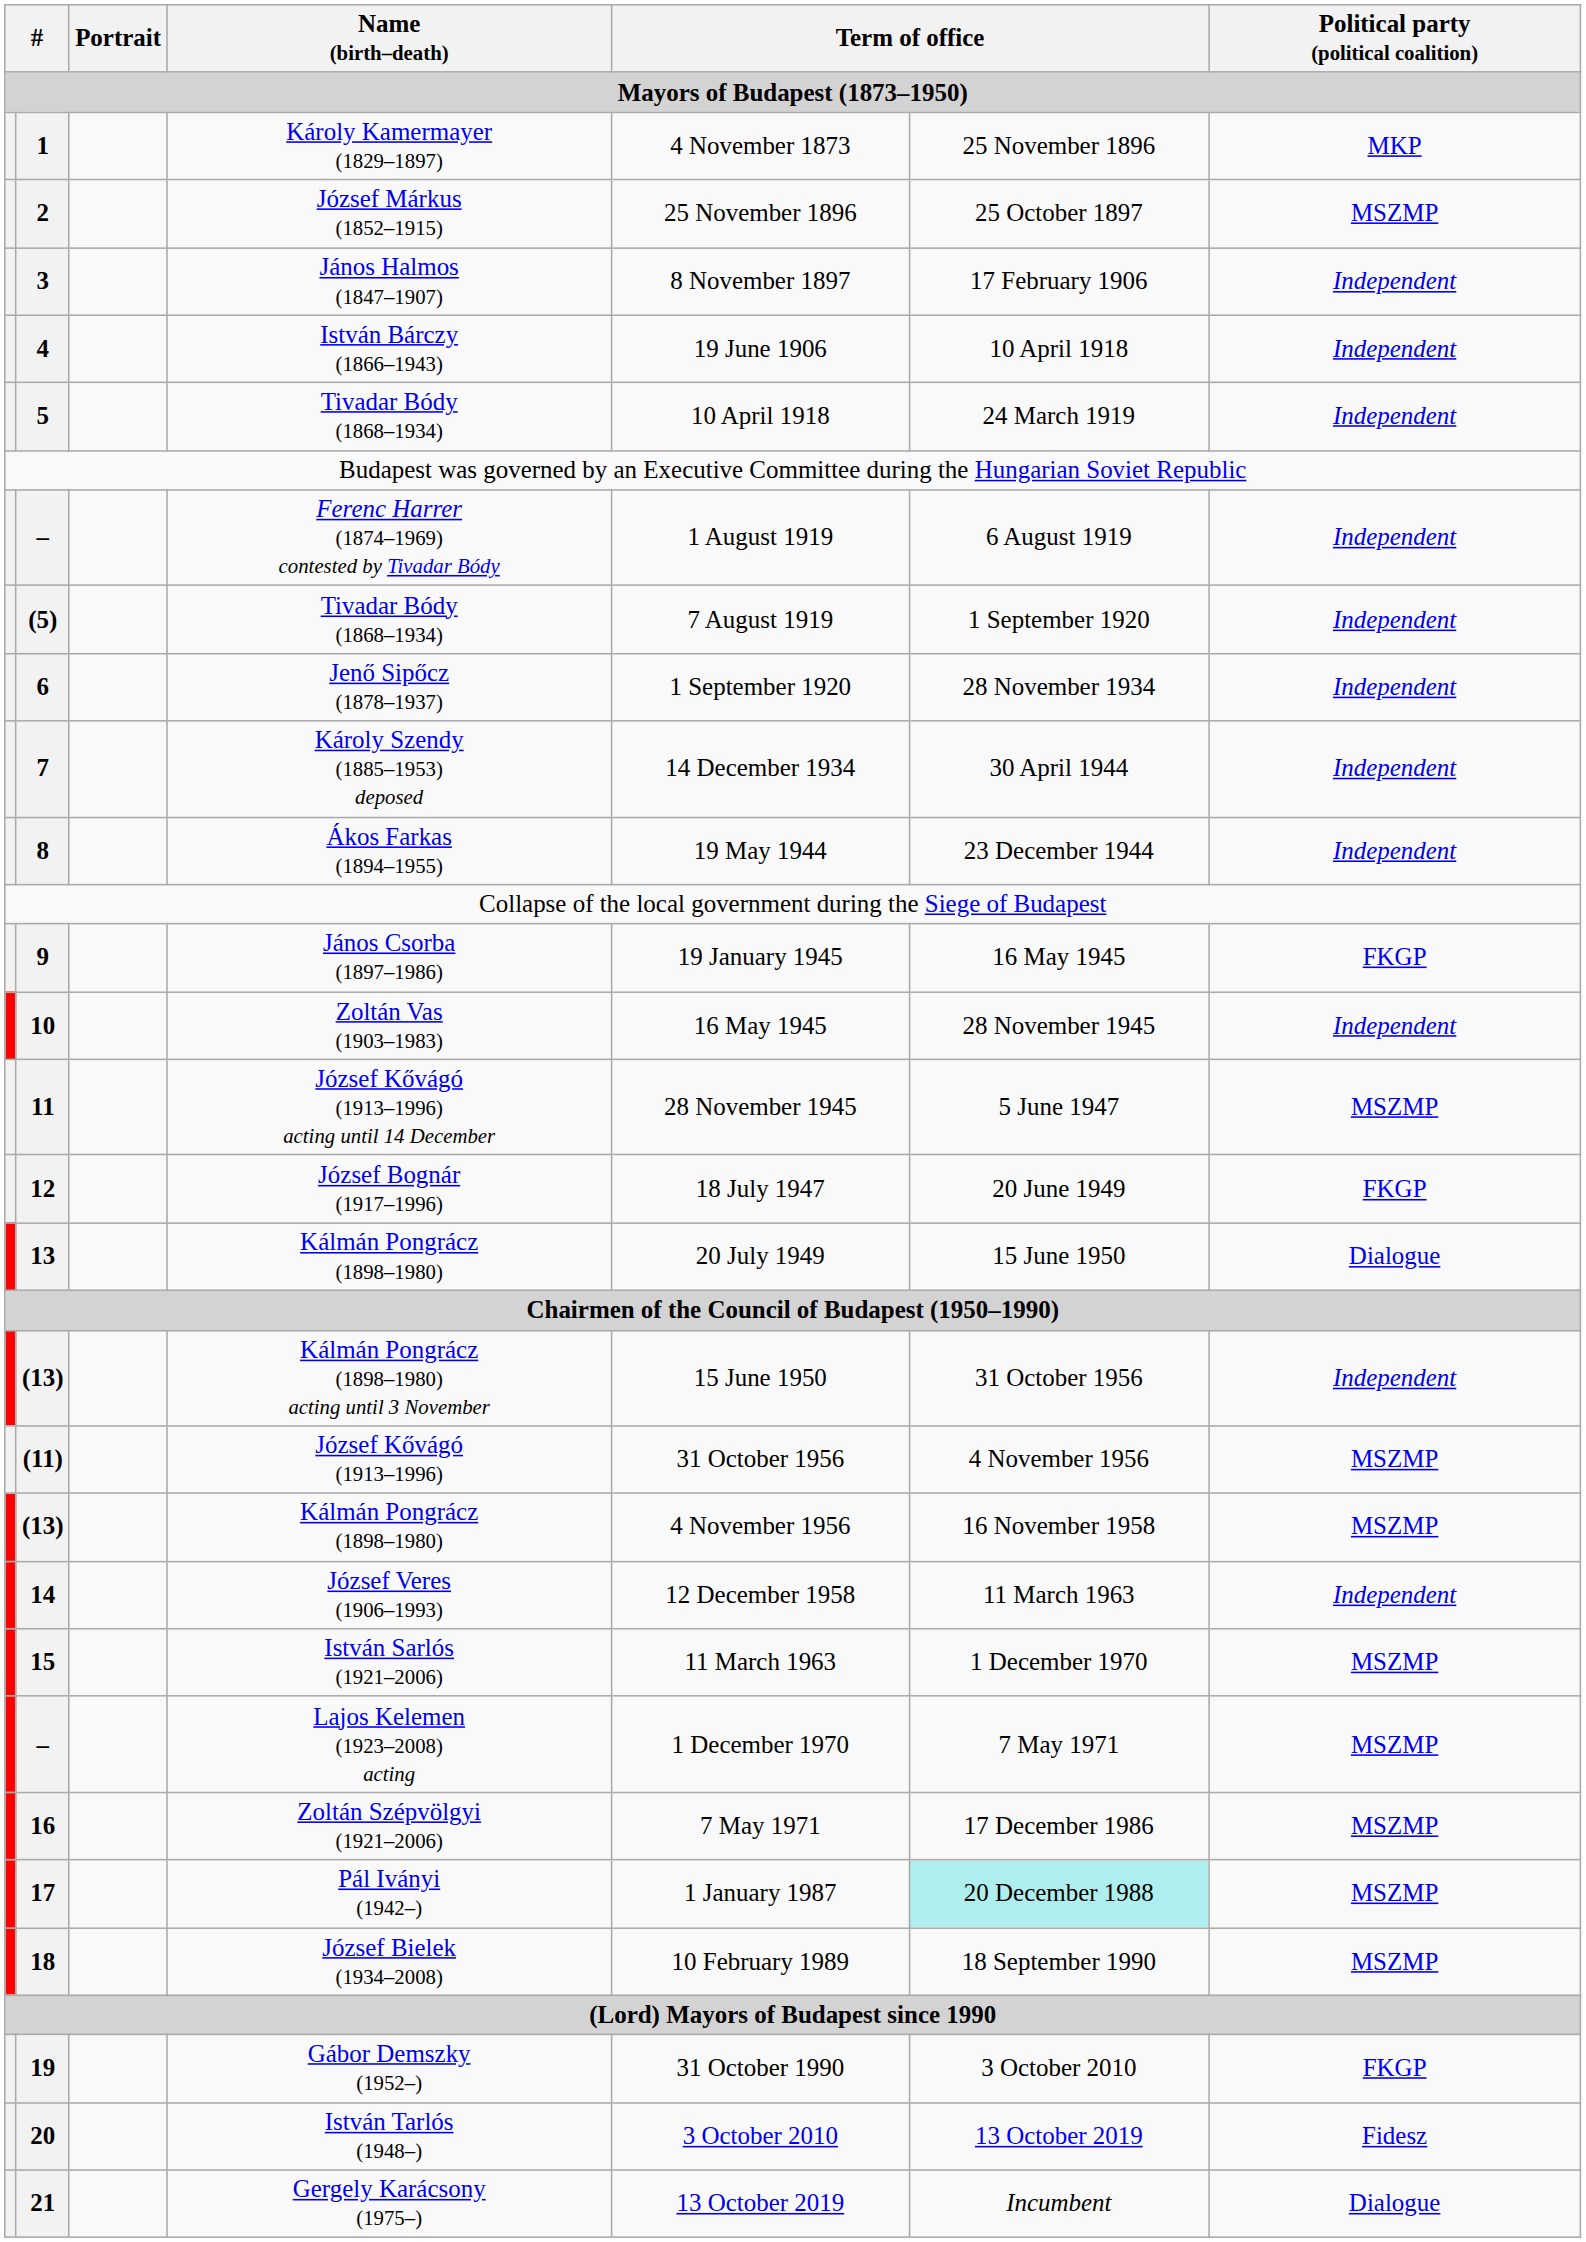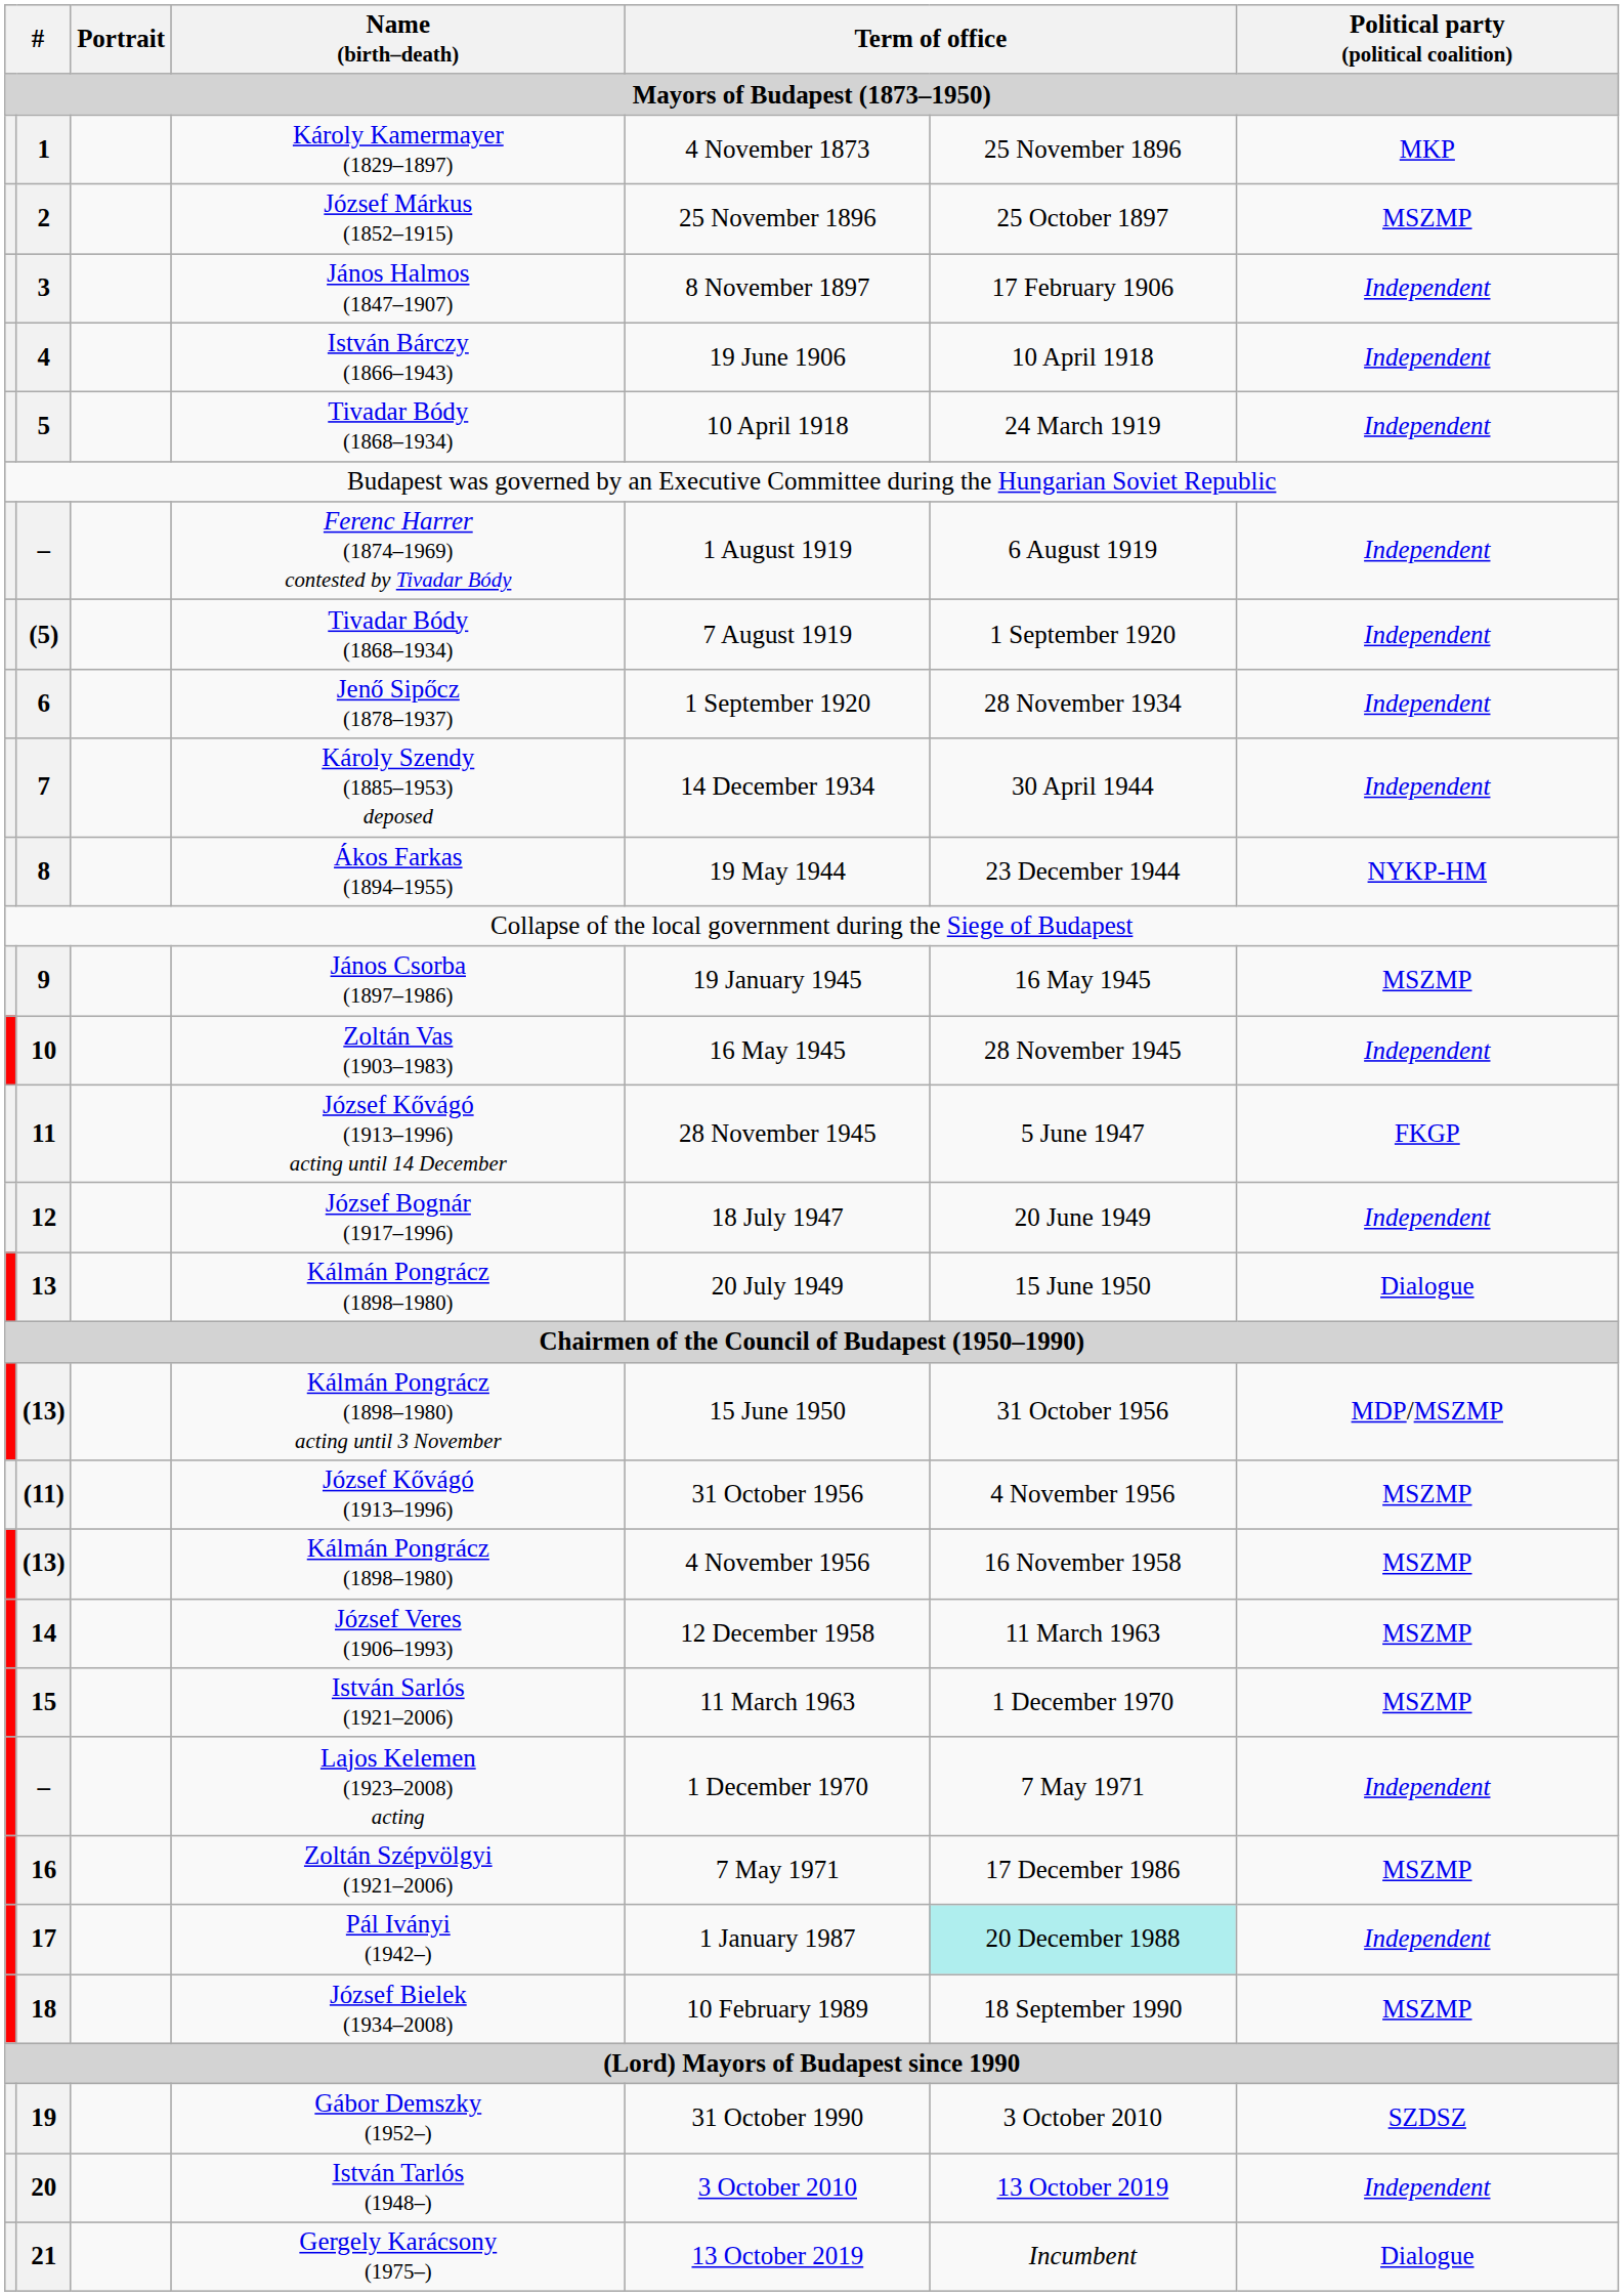 <table class="wikitable" style="width:80%; text-align:center;">
 <tr>
 <th colspan="2" width=20>#</th>
 <th width=70>Portrait</th>
 <th width=30%>Name<br><small>(birth–death)</small></th>
 <th colspan="2" width=40%>Term of office</th>
 <th width=25%>Political party<br><small>(political coalition)</small></th>
 </tr>
 <tr>
 <td colspan="9" bgcolor="lightgrey" align=center><strong>Mayors of Budapest (1873–1950)</strong></td>
 </tr>
 <tr>
 <th style="background:"></th>
 <th>1</th>
 <td></td>
 <td><a href='#'>Károly Kamermayer</a><br><small>(1829–1897)</small></td>
 <td>4 November 1873</td>
 <td>25 November 1896</td>
 <td><a href='#'>MKP</a></td>
 </tr>
 <tr>
 <th style="background:"></th>
 <th>2</th>
 <td></td>
 <td><a href='#'>József Márkus</a><br><small>(1852–1915)</small></td>
 <td>25 November 1896</td>
 <td>25 October 1897</td>
 <td><a href='#'>MSZMP</a></td>
 </tr>
 <tr>
 <th style="background:"></th>
 <th>3</th>
 <td></td>
 <td><a href='#'>János Halmos</a><br><small>(1847–1907)</small></td>
 <td>8 November 1897</td>
 <td>17 February 1906</td>
 <td><em><a href='#'>Independent</a></em></td>
 </tr>
 <tr>
 <th style="background:"></th>
 <th>4</th>
 <td></td>
 <td><a href='#'>István Bárczy</a><br><small>(1866–1943)</small></td>
 <td>19 June 1906</td>
 <td>10 April 1918</td>
 <td><em><a href='#'>Independent</a></em></td>
 </tr>
 <tr>
 <th style="background:"></th>
 <th>5</th>
 <td></td>
 <td><a href='#'>Tivadar Bódy</a><br><small>(1868–1934)</small></td>
 <td>10 April 1918</td>
 <td>24 March 1919</td>
 <td><em><a href='#'>Independent</a></em></td>
 </tr>
 <tr>
 <td colspan="9" align=center>Budapest was governed by an Executive Committee during the <a href='#'>Hungarian Soviet Republic</a></td>
 </tr>
 <tr>
 <th style="background:"></th>
 <th>–</th>
 <td></td>
 <td><em><a href='#'>Ferenc Harrer</a></em><br><small>(1874–1969)</small><br><small><em>contested by <a href='#'>Tivadar Bódy</a></em></small></td>
 <td>1 August 1919</td>
 <td>6 August 1919</td>
 <td><em><a href='#'>Independent</a></em></td>
 </tr>
 <tr>
 <th style="background:"></th>
 <th>(5)</th>
 <td></td>
 <td><a href='#'>Tivadar Bódy</a><br><small>(1868–1934)</small></td>
 <td>7 August 1919</td>
 <td>1 September 1920</td>
 <td><em><a href='#'>Independent</a></em></td>
 </tr>
 <tr>
 <th style="background:"></th>
 <th>6</th>
 <td></td>
 <td><a href='#'>Jenő Sipőcz</a><br><small>(1878–1937)</small></td>
 <td>1 September 1920</td>
 <td>28 November 1934</td>
 <td><em><a href='#'>Independent</a></em></td>
 </tr>
 <tr>
 <th style="background:"></th>
 <th>7</th>
 <td></td>
 <td><a href='#'>Károly Szendy</a><br><small>(1885–1953)</small><br><small><em>deposed</em></small></td>
 <td>14 December 1934</td>
 <td>30 April 1944</td>
 <td><em><a href='#'>Independent</a></em></td>
 </tr>
 <tr>
 <th style="background:"></th>
 <th>8</th>
 <td></td>
 <td><a href='#'>Ákos Farkas</a><br><small>(1894–1955)</small></td>
 <td>19 May 1944</td>
 <td>23 December 1944</td>
-<td><em><a href='#'>Independent</a></em></td>
+<td><a href='#'>NYKP-HM</a></td>
 </tr>
 <tr>
 <td colspan="9" align=center>Collapse of the local government during the <a href='#'>Siege of Budapest</a></td>
 </tr>
 <tr>
 <th style="background:"></th>
 <th>9</th>
 <td></td>
 <td><a href='#'>János Csorba</a><br><small>(1897–1986)</small></td>
 <td>19 January 1945</td>
 <td>16 May 1945</td>
-<td><a href='#'>FKGP</a></td>
+<td><a href='#'>MSZMP</a></td>
 </tr>
 <tr>
 <th style="background:#FF0000; color:white"></th>
 <th>10</th>
 <td></td>
 <td><a href='#'>Zoltán Vas</a><br><small>(1903–1983)</small></td>
 <td>16 May 1945</td>
 <td>28 November 1945</td>
 <td><em><a href='#'>Independent</a></em></td>
 </tr>
 <tr>
 <th style="background:"></th>
 <th>11</th>
 <td></td>
 <td><a href='#'>József Kővágó</a><br><small>(1913–1996)</small><br><small><em>acting until 14 December</em></small></td>
 <td>28 November 1945</td>
 <td>5 June 1947</td>
-<td><a href='#'>MSZMP</a></td>
+<td><a href='#'>FKGP</a></td>
 </tr>
 <tr>
 <th style="background:"></th>
 <th>12</th>
 <td></td>
 <td><a href='#'>József Bognár</a><br><small>(1917–1996)</small></td>
 <td>18 July 1947</td>
 <td>20 June 1949</td>
-<td><a href='#'>FKGP</a></td>
+<td><em><a href='#'>Independent</a></em></td>
 </tr>
 <tr>
 <th style="background:#FF0000; color:white"></th>
 <th>13</th>
 <td></td>
 <td><a href='#'>Kálmán Pongrácz</a><br><small>(1898–1980)</small></td>
 <td>20 July 1949</td>
 <td>15 June 1950</td>
 <td><a href='#'>Dialogue</a></td>
 </tr>
 <tr>
 <td colspan="9" bgcolor="lightgrey" align=center><strong>Chairmen of the Council of Budapest (1950–1990)</strong></td>
 </tr>
 <tr>
 <th style="background:#FF0000; color:white"></th>
 <th>(13)</th>
 <td></td>
 <td><a href='#'>Kálmán Pongrácz</a><br><small>(1898–1980)</small><br><small><em>acting until 3 November</em></small></td>
 <td>15 June 1950</td>
 <td>31 October 1956</td>
-<td><em><a href='#'>Independent</a></em></td>
+<td><a href='#'>MDP</a>/<a href='#'>MSZMP</a></td>
 </tr>
 <tr>
 <th style="background:"></th>
 <th>(11)</th>
 <td></td>
 <td><a href='#'>József Kővágó</a><br><small>(1913–1996)</small></td>
 <td>31 October 1956</td>
 <td>4 November 1956</td>
 <td><a href='#'>MSZMP</a></td>
 </tr>
 <tr>
 <th style="background:#FF0000; color:white"></th>
 <th>(13)</th>
 <td></td>
 <td><a href='#'>Kálmán Pongrácz</a><br><small>(1898–1980)</small></td>
 <td>4 November 1956</td>
 <td>16 November 1958</td>
 <td><a href='#'>MSZMP</a></td>
 </tr>
 <tr>
 <th style="background:#FF0000; color:white"></th>
 <th>14</th>
 <td></td>
 <td><a href='#'>József Veres</a><br><small>(1906–1993)</small></td>
 <td>12 December 1958</td>
 <td>11 March 1963</td>
-<td><em><a href='#'>Independent</a></em></td>
+<td><a href='#'>MSZMP</a></td>
 </tr>
 <tr>
 <th style="background:#FF0000; color:white"></th>
 <th>15</th>
 <td></td>
 <td><a href='#'>István Sarlós</a><br><small>(1921–2006)</small></td>
 <td>11 March 1963</td>
 <td>1 December 1970</td>
 <td><a href='#'>MSZMP</a></td>
 </tr>
 <tr>
 <th style="background:#FF0000; color:white"></th>
 <th>–</th>
 <td></td>
 <td><a href='#'>Lajos Kelemen</a><br><small>(1923–2008)</small><br><small><em>acting</em></small></td>
 <td>1 December 1970</td>
 <td>7 May 1971</td>
-<td><a href='#'>MSZMP</a></td>
+<td><em><a href='#'>Independent</a></em></td>
 </tr>
 <tr>
 <th style="background:#FF0000; color:white"></th>
 <th>16</th>
 <td></td>
 <td><a href='#'>Zoltán Szépvölgyi</a><br><small>(1921–2006)</small></td>
 <td>7 May 1971</td>
 <td>17 December 1986</td>
 <td><a href='#'>MSZMP</a></td>
 </tr>
 <tr>
 <th style="background:#FF0000; color:white"></th>
 <th>17</th>
 <td></td>
 <td><a href='#'>Pál Iványi</a><br><small>(1942–)</small></td>
 <td>1 January 1987</td>
 <td style="background: paleturquoise;">20 December 1988</td>
-<td><a href='#'>MSZMP</a></td>
+<td><em><a href='#'>Independent</a></em></td>
 </tr>
 <tr>
 <th style="background:#FF0000; color:white"></th>
 <th>18</th>
 <td></td>
 <td><a href='#'>József Bielek</a><br><small>(1934–2008)</small></td>
 <td>10 February 1989</td>
 <td>18 September 1990</td>
 <td><a href='#'>MSZMP</a></td>
 </tr>
 <tr>
 <td colspan="9" bgcolor="lightgrey" align=center><strong>(Lord) Mayors of Budapest since 1990</strong></td>
 </tr>
 <tr>
 <th style="background:"></th>
 <th>19</th>
 <td></td>
 <td><a href='#'>Gábor Demszky</a><br><small>(1952–)</small></td>
 <td>31 October 1990</td>
 <td>3 October 2010</td>
-<td><a href='#'>FKGP</a></td>
+<td><a href='#'>SZDSZ</a></td>
 </tr>
 <tr>
 <th style="background:"></th>
 <th>20</th>
 <td></td>
 <td><a href='#'>István Tarlós</a><br><small>(1948–)</small></td>
 <td><a href='#'>3 October 2010</a></td>
 <td><a href='#'>13 October 2019</a></td>
-<td><a href='#'>Fidesz</a></td>
+<td><em><a href='#'>Independent</a></em></td>
 </tr>
 <tr>
 <th style="background:"></th>
 <th>21</th>
 <td></td>
 <td><a href='#'>Gergely Karácsony</a><br><small>(1975–)</small></td>
 <td><a href='#'>13 October 2019</a></td>
 <td><em>Incumbent</em></td>
 <td><a href='#'>Dialogue</a></td>
 </tr>
 </table>
